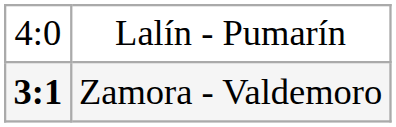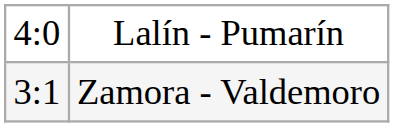 <table class="wikitable">
 <tr align=center bgcolor=white>
 <td>4:0</td>
 <td>Lalín - Pumarín</td>
 </tr>
 <tr align=center bgcolor=#F5F5F5>
-<td><strong>3:1</strong></td>
+<td>3:1</td>
 <td>Zamora - Valdemoro</td>
 </tr>
 </table>
